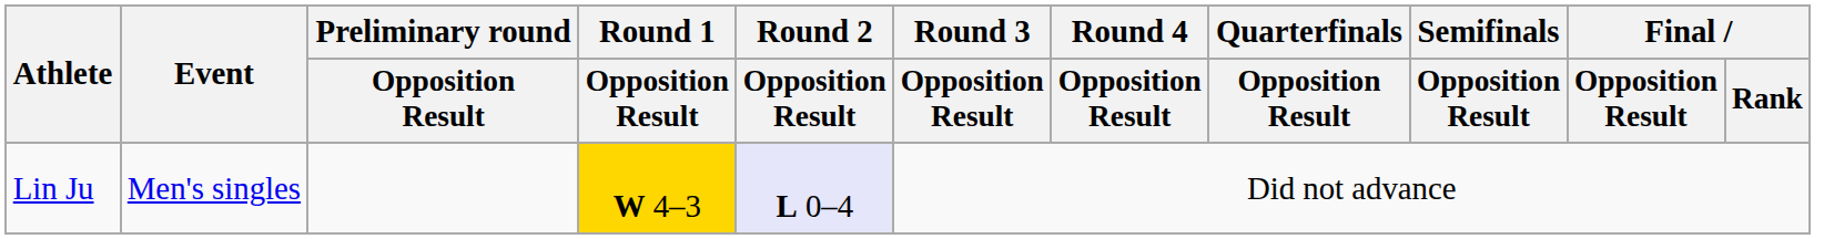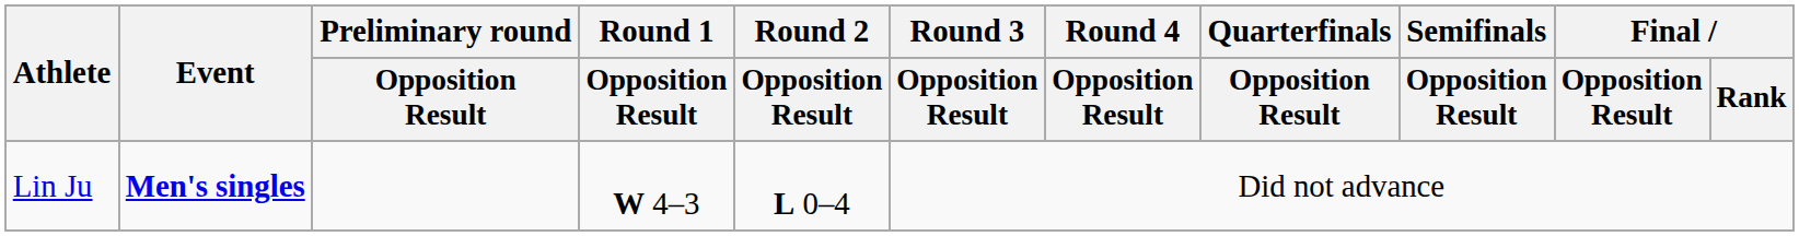 <table class="wikitable" style="font-size:90%">
 <tr>
 <th rowspan="2">Athlete</th>
 <th rowspan="2">Event</th>
 <th>Preliminary round</th>
 <th>Round 1</th>
 <th>Round 2</th>
 <th>Round 3</th>
 <th>Round 4</th>
 <th>Quarterfinals</th>
 <th>Semifinals</th>
 <th colspan=2>Final / </th>
 </tr>
 <tr style="font-size:95%">
 <th>Opposition<br>Result</th>
 <th>Opposition<br>Result</th>
 <th>Opposition<br>Result</th>
 <th>Opposition<br>Result</th>
 <th>Opposition<br>Result</th>
 <th>Opposition<br>Result</th>
 <th>Opposition<br>Result</th>
 <th>Opposition<br>Result</th>
 <th>Rank</th>
 </tr>
 <tr align=center>
 <td align=left><a href='#'>Lin Ju</a></td>
-<td align=left><a href='#'>Men's singles</a></td>
+<td align=left><strong><a href='#'>Men's singles</a></strong></td>
 <td></td>
-<td style="background: gold;"><br><strong>W</strong> 4–3</td>
-<td style="background: lavender;"><br><strong>L</strong> 0–4</td>
+<td><br><strong>W</strong> 4–3</td>
+<td><br><strong>L</strong> 0–4</td>
 <td colspan=6>Did not advance</td>
 </tr>
 </table>
